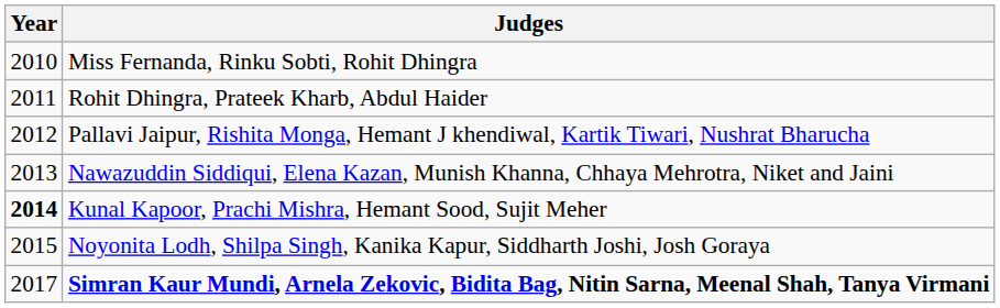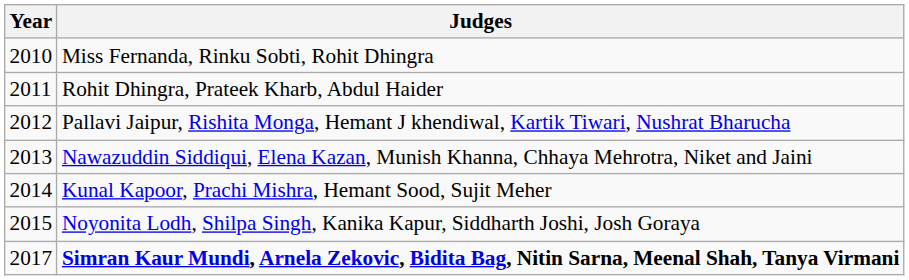 <table class="wikitable">
 <tr>
 <th>Year</th>
 <th>Judges</th>
 </tr>
 <tr>
 <td>2010</td>
 <td>Miss Fernanda, Rinku Sobti, Rohit Dhingra</td>
 </tr>
 <tr>
 <td>2011</td>
 <td>Rohit Dhingra, Prateek Kharb, Abdul Haider</td>
 </tr>
 <tr>
 <td>2012</td>
 <td>Pallavi Jaipur, <a href='#'>Rishita Monga</a>, Hemant J khendiwal, <a href='#'>Kartik Tiwari</a>, <a href='#'>Nushrat Bharucha</a></td>
 </tr>
 <tr>
 <td>2013</td>
 <td><a href='#'>Nawazuddin Siddiqui</a>, <a href='#'>Elena Kazan</a>, Munish Khanna, Chhaya Mehrotra, Niket and Jaini</td>
 </tr>
 <tr>
-<td><strong>2014</strong></td>
+<td>2014</td>
 <td><a href='#'>Kunal Kapoor</a>, <a href='#'>Prachi Mishra</a>, Hemant Sood, Sujit Meher</td>
 </tr>
 <tr>
 <td>2015</td>
 <td><a href='#'>Noyonita Lodh</a>, <a href='#'>Shilpa Singh</a>, Kanika Kapur, Siddharth Joshi, Josh Goraya</td>
 </tr>
 <tr>
 <td>2017</td>
 <td><strong><a href='#'>Simran Kaur Mundi</a>, <a href='#'>Arnela Zekovic</a>, <a href='#'>Bidita Bag</a>, Nitin Sarna, Meenal Shah, Tanya Virmani</strong></td>
 </tr>
 </table>
